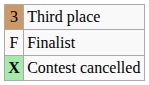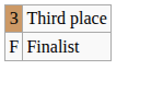 <table class="wikitable">
 <tr>
 </tr>
 <tr>
 <td style="text-align:center; background-color:#C96;">3</td>
 <td>Third place</td>
 </tr>
 <tr>
 <td style="text-align:center;">F</td>
 <td>Finalist</td>
 </tr>
-<tr>
-<td style="text-align:center; background-color:#A4EAA9;"><strong>X</strong></td>
-<td>Contest cancelled</td>
-</tr>
 </table>
